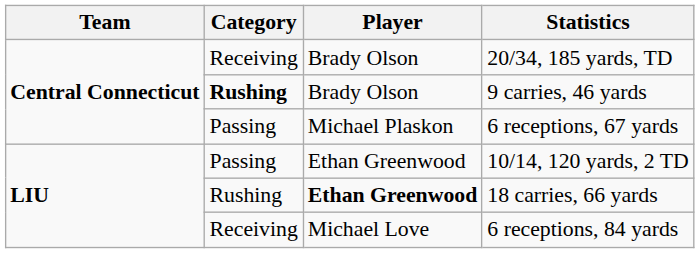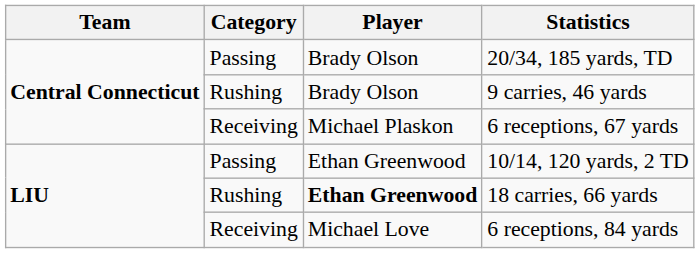 <table class="wikitable" style="float: right;">
 <tr>
 <th>Team</th>
 <th>Category</th>
 <th>Player</th>
 <th>Statistics</th>
 </tr>
 <tr>
 <td rowspan=3><strong>Central Connecticut</strong></td>
-<td>Receiving</td>
+<td>Passing</td>
 <td>Brady Olson</td>
 <td>20/34, 185 yards, TD</td>
 </tr>
 <tr>
-<td><strong>Rushing</strong></td>
+<td>Rushing</td>
 <td>Brady Olson</td>
 <td>9 carries, 46 yards</td>
 </tr>
 <tr>
-<td>Passing</td>
+<td>Receiving</td>
 <td>Michael Plaskon</td>
 <td>6 receptions, 67 yards</td>
 </tr>
 <tr>
 <td rowspan=3><strong>LIU</strong></td>
 <td>Passing</td>
 <td>Ethan Greenwood</td>
 <td>10/14, 120 yards, 2 TD</td>
 </tr>
 <tr>
 <td>Rushing</td>
 <td><strong>Ethan Greenwood</strong></td>
 <td>18 carries, 66 yards</td>
 </tr>
 <tr>
 <td>Receiving</td>
 <td>Michael Love</td>
 <td>6 receptions, 84 yards</td>
 </tr>
 </table>
